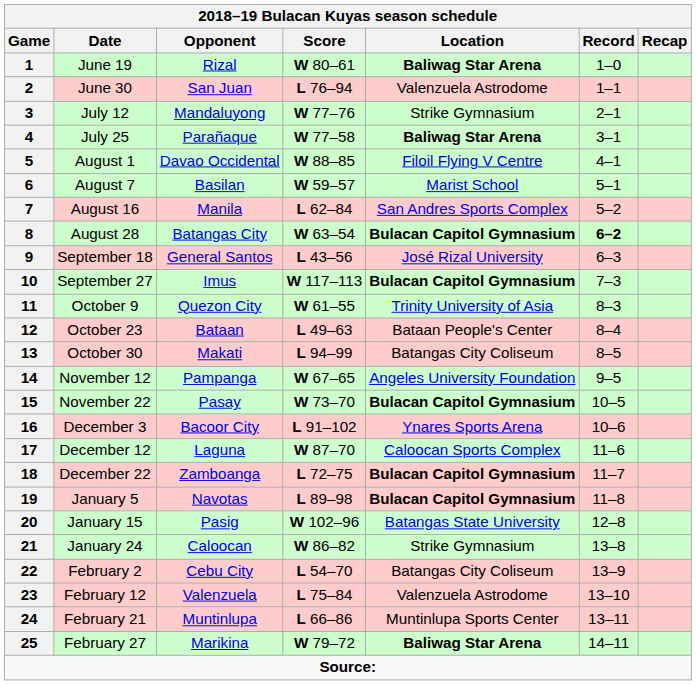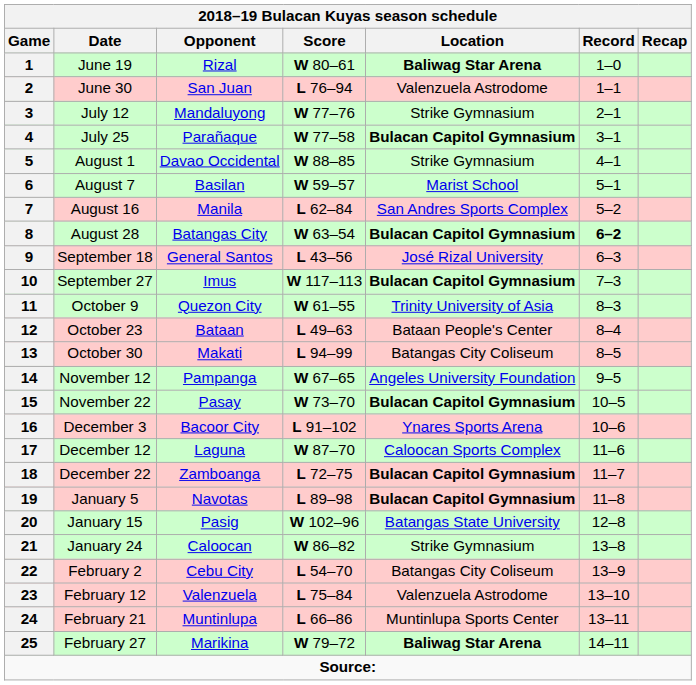 <table class="wikitable" style="text-align:center">
 <tr>
 <th colspan=7>2018–19 Bulacan Kuyas season schedule</th>
 </tr>
 <tr>
 <th>Game</th>
 <th>Date</th>
 <th>Opponent</th>
 <th>Score</th>
 <th>Location</th>
 <th>Record</th>
 <th>Recap<br></th>
 </tr>
 <tr style="background:#cfc">
 <th>1</th>
 <td>June 19</td>
 <td><a href='#'>Rizal</a></td>
 <td><strong>W</strong> 80–61</td>
 <td><strong>Baliwag Star Arena</strong></td>
 <td>1–0</td>
 <td></td>
 </tr>
 <tr style="background:#fcc">
 <th>2</th>
 <td>June 30</td>
 <td><a href='#'>San Juan</a></td>
 <td><strong>L</strong> 76–94</td>
 <td>Valenzuela Astrodome</td>
 <td>1–1</td>
 <td></td>
 </tr>
 <tr style="background:#cfc">
 <th>3</th>
 <td>July 12</td>
 <td><a href='#'>Mandaluyong</a></td>
 <td><strong>W</strong> 77–76</td>
 <td>Strike Gymnasium</td>
 <td>2–1</td>
 <td></td>
 </tr>
 <tr style="background:#cfc">
 <th>4</th>
 <td>July 25</td>
 <td><a href='#'>Parañaque</a></td>
 <td><strong>W</strong> 77–58</td>
-<td><strong>Baliwag Star Arena</strong></td>
+<td><strong>Bulacan Capitol Gymnasium</strong></td>
 <td>3–1</td>
 <td></td>
 </tr>
 <tr style="background:#cfc">
 <th>5</th>
 <td>August 1</td>
 <td><a href='#'>Davao Occidental</a></td>
 <td><strong>W</strong> 88–85 </td>
-<td><a href='#'>Filoil Flying V Centre</a></td>
+<td>Strike Gymnasium</td>
 <td>4–1</td>
 <td></td>
 </tr>
 <tr style="background:#cfc">
 <th>6</th>
 <td>August 7</td>
 <td><a href='#'>Basilan</a></td>
 <td><strong>W</strong> 59–57</td>
 <td><a href='#'>Marist School</a></td>
 <td>5–1</td>
 <td></td>
 </tr>
 <tr style="background:#fcc">
 <th>7</th>
 <td>August 16</td>
 <td><a href='#'>Manila</a></td>
 <td><strong>L</strong> 62–84</td>
 <td><a href='#'>San Andres Sports Complex</a></td>
 <td>5–2</td>
 <td></td>
 </tr>
 <tr style="background:#cfc">
 <th>8</th>
 <td>August 28</td>
 <td><a href='#'>Batangas City</a></td>
 <td><strong>W</strong> 63–54</td>
 <td><strong>Bulacan Capitol Gymnasium</strong></td>
 <td><strong>6–2</strong></td>
 <td></td>
 </tr>
 <tr style="background:#fcc">
 <th>9</th>
 <td>September 18</td>
 <td><a href='#'>General Santos</a></td>
 <td><strong>L</strong> 43–56</td>
 <td><a href='#'>José Rizal University</a></td>
 <td>6–3</td>
 <td></td>
 </tr>
 <tr style="background:#cfc">
 <th>10</th>
 <td>September 27</td>
 <td><a href='#'>Imus</a></td>
 <td><strong>W</strong> 117–113 </td>
 <td><strong>Bulacan Capitol Gymnasium</strong></td>
 <td>7–3</td>
 <td><br></td>
 </tr>
 <tr style="background:#cfc">
 <th>11</th>
 <td>October 9</td>
 <td><a href='#'>Quezon City</a></td>
 <td><strong>W</strong> 61–55</td>
 <td><a href='#'>Trinity University of Asia</a></td>
 <td>8–3</td>
 <td></td>
 </tr>
 <tr style="background:#fcc">
 <th>12</th>
 <td>October 23</td>
 <td><a href='#'>Bataan</a></td>
 <td><strong>L</strong> 49–63</td>
 <td>Bataan People's Center</td>
 <td>8–4</td>
 <td></td>
 </tr>
 <tr style="background:#fcc">
 <th>13</th>
 <td>October 30</td>
 <td><a href='#'>Makati</a></td>
 <td><strong>L</strong> 94–99</td>
 <td>Batangas City Coliseum</td>
 <td>8–5</td>
 <td></td>
 </tr>
 <tr style="background:#cfc">
 <th>14</th>
 <td>November 12</td>
 <td><a href='#'>Pampanga</a></td>
 <td><strong>W</strong> 67–65</td>
 <td><a href='#'>Angeles University Foundation</a></td>
 <td>9–5</td>
 <td></td>
 </tr>
 <tr style="background:#cfc">
 <th>15</th>
 <td>November 22</td>
 <td><a href='#'>Pasay</a></td>
 <td><strong>W</strong> 73–70</td>
 <td><strong>Bulacan Capitol Gymnasium</strong></td>
 <td>10–5</td>
 <td></td>
 </tr>
 <tr style="background:#fcc">
 <th>16</th>
 <td>December 3</td>
 <td><a href='#'>Bacoor City</a></td>
 <td><strong>L</strong> 91–102</td>
 <td><a href='#'>Ynares Sports Arena</a></td>
 <td>10–6</td>
 <td></td>
 </tr>
 <tr style="background:#cfc">
 <th>17</th>
 <td>December 12</td>
 <td><a href='#'>Laguna</a></td>
 <td><strong>W</strong> 87–70</td>
 <td><a href='#'>Caloocan Sports Complex</a></td>
 <td>11–6</td>
 <td></td>
 </tr>
 <tr style="background:#fcc">
 <th>18</th>
 <td>December 22</td>
 <td><a href='#'>Zamboanga</a></td>
 <td><strong>L</strong> 72–75</td>
 <td><strong>Bulacan Capitol Gymnasium</strong></td>
 <td>11–7</td>
 <td><br></td>
 </tr>
 <tr style="background:#fcc">
 <th>19</th>
 <td>January 5</td>
 <td><a href='#'>Navotas</a></td>
 <td><strong>L</strong> 89–98</td>
 <td><strong>Bulacan Capitol Gymnasium</strong></td>
 <td>11–8</td>
 <td></td>
 </tr>
 <tr style="background:#cfc">
 <th>20</th>
 <td>January 15</td>
 <td><a href='#'>Pasig</a></td>
 <td><strong>W</strong> 102–96</td>
 <td><a href='#'>Batangas State University</a></td>
 <td>12–8</td>
 <td></td>
 </tr>
 <tr style="background:#cfc">
 <th>21</th>
 <td>January 24</td>
 <td><a href='#'>Caloocan</a></td>
 <td><strong>W</strong> 86–82</td>
 <td>Strike Gymnasium</td>
 <td>13–8</td>
 <td></td>
 </tr>
 <tr style="background:#fcc">
 <th>22</th>
 <td>February 2</td>
 <td><a href='#'>Cebu City</a></td>
 <td><strong>L</strong> 54–70</td>
 <td>Batangas City Coliseum</td>
 <td>13–9</td>
 <td></td>
 </tr>
 <tr style="background:#fcc">
 <th>23</th>
 <td>February 12</td>
 <td><a href='#'>Valenzuela</a></td>
 <td><strong>L</strong> 75–84</td>
 <td>Valenzuela Astrodome</td>
 <td>13–10</td>
 <td></td>
 </tr>
 <tr style="background:#fcc">
 <th>24</th>
 <td>February 21</td>
 <td><a href='#'>Muntinlupa</a></td>
 <td><strong>L</strong> 66–86</td>
 <td>Muntinlupa Sports Center</td>
 <td>13–11</td>
 <td></td>
 </tr>
 <tr style="background:#cfc">
 <th>25</th>
 <td>February 27</td>
 <td><a href='#'>Marikina</a></td>
 <td><strong>W</strong> 79–72</td>
 <td><strong>Baliwag Star Arena</strong></td>
 <td>14–11</td>
 <td></td>
 </tr>
 <tr>
 <td colspan=7 align=center><strong>Source: </strong></td>
 </tr>
 </table>
